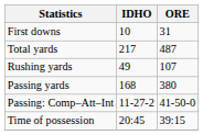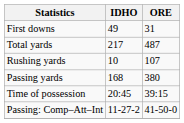 <table class="wikitable" style="float: left;">
 <tr>
 <th>Statistics</th>
 <th>IDHO</th>
 <th>ORE</th>
 </tr>
 <tr>
 <td>First downs</td>
-<td>10</td>
+<td>49</td>
 <td>31</td>
 </tr>
 <tr>
 <td>Total yards</td>
 <td>217</td>
 <td>487</td>
 </tr>
 <tr>
 <td>Rushing yards</td>
-<td>49</td>
+<td>10</td>
 <td>107</td>
 </tr>
 <tr>
 <td>Passing yards</td>
 <td>168</td>
 <td>380</td>
 </tr>
 <tr>
+<td>Time of possession</td>
+<td>20:45</td>
+<td>39:15</td>
+</tr>
+<tr>
 <td>Passing: Comp–Att–Int</td>
 <td>11-27-2</td>
 <td>41-50-0</td>
 </tr>
 <tr>
-<td>Time of possession</td>
-<td>20:45</td>
-<td>39:15</td>
-</tr>
-<tr>
 </tr>
 </table>
